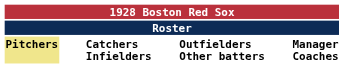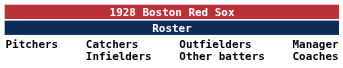 <table class="toccolours" style="text-align: left;">
 <tr>
 <th colspan="10" style="background-color: #ba313c; color: white; text-align: center;">1928 Boston Red Sox</th>
 </tr>
 <tr>
 <td colspan="10" style="background-color: #0d2b56; color: white; text-align: center;"><strong>Roster</strong></td>
 </tr>
 <tr>
-<td valign="top" style="background: khaki;"><strong>Pitchers</strong><br>              </td>
+<td valign="top"><strong>Pitchers</strong><br>              </td>
 <td width="25px"></td>
 <td valign="top"><strong>Catchers</strong><br>    <strong>Infielders</strong>       </td>
 <td width="25px"></td>
 <td valign="top"><strong>Outfielders</strong><br>        <strong>Other batters</strong> </td>
 <td width="25px"></td>
 <td valign="top"><strong>Manager</strong><br> <strong>Coaches</strong>  </td>
 </tr>
 <tr>
 </tr>
 </table>
